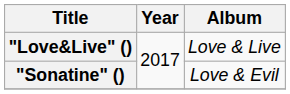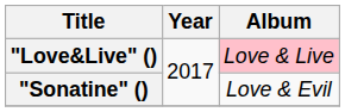 <table class="wikitable plainrowheaders" style="text-align:center;">
 <tr>
 <th scope="col">Title</th>
 <th scope="col">Year</th>
 <th scope="col">Album</th>
 </tr>
 <tr>
 <th scope="row">"Love&Live" ()</th>
 <td rowspan="2">2017</td>
-<td><em>Love & Live</em></td>
+<td style="background: pink;"><em>Love & Live</em></td>
 </tr>
 <tr>
 <th scope="row">"Sonatine" ()</th>
 <td><em>Love & Evil</em></td>
 </tr>
 <tr>
 </tr>
 </table>
